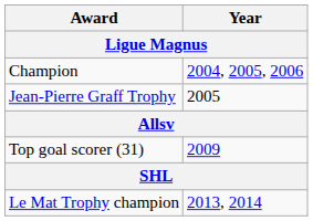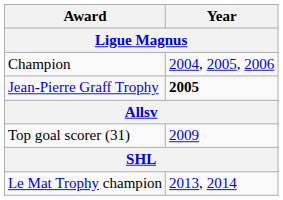 <table class="wikitable">
 <tr>
 <th>Award</th>
 <th>Year</th>
 </tr>
 <tr>
 <th colspan="3"><a href='#'>Ligue Magnus</a></th>
 </tr>
 <tr>
 <td>Champion</td>
 <td><a href='#'>2004</a>, <a href='#'>2005</a>, <a href='#'>2006</a></td>
 </tr>
 <tr>
 <td><a href='#'>Jean-Pierre Graff Trophy</a></td>
-<td>2005</td>
+<td><strong>2005</strong></td>
 </tr>
 <tr>
 <th colspan="3"><a href='#'>Allsv</a></th>
 </tr>
 <tr>
 <td>Top goal scorer (31)</td>
 <td><a href='#'>2009</a></td>
 </tr>
 <tr>
 <th colspan="3"><a href='#'>SHL</a></th>
 </tr>
 <tr>
 <td><a href='#'>Le Mat Trophy</a> champion</td>
 <td><a href='#'>2013</a>, <a href='#'>2014</a></td>
 </tr>
 </table>
